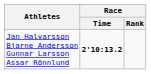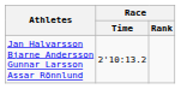 <table class="wikitable" border="1" style="font-size:90%">
 <tr>
 <th rowspan=2>Athletes</th>
 <th colspan=2>Race</th>
 </tr>
 <tr>
 <th>Time</th>
 <th>Rank</th>
 </tr>
 <tr>
 <td><a href='#'>Jan Halvarsson</a><br><a href='#'>Bjarne Andersson</a><br><a href='#'>Gunnar Larsson</a><br><a href='#'>Assar Rönnlund</a></td>
-<td align=center><strong>2'10:13.2</strong></td>
+<td align=center>2'10:13.2</td>
 <td align=center></td>
 </tr>
 </table>
